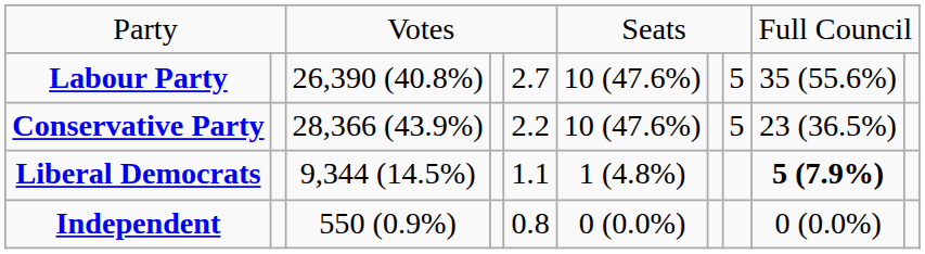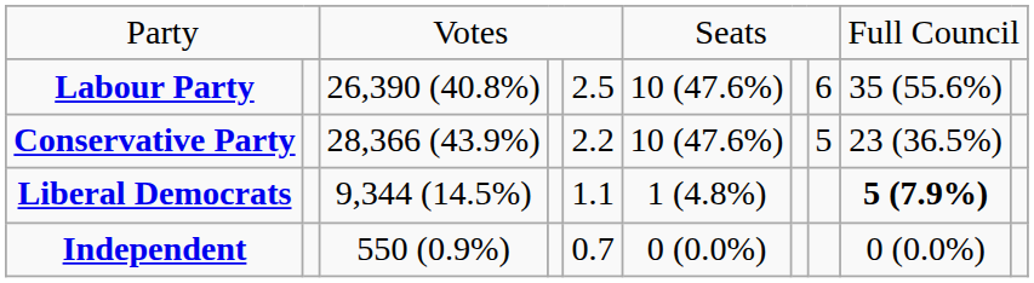 <table class=wikitable style="text-align:center;">
 <tr>
 <td colspan=2>Party</td>
 <td colspan=3>Votes</td>
 <td colspan=3>Seats</td>
 <td colspan=3>Full Council</td>
 </tr>
 <tr>
 <td><strong><a href='#'>Labour Party</a></strong></td>
 <td style="background:"></td>
 <td>26,390 (40.8%)</td>
 <td></td>
-<td> 2.7</td>
+<td> 2.5</td>
 <td>10 (47.6%)</td>
 <td></td>
-<td> 5</td>
+<td> 6</td>
 <td>35 (55.6%)</td>
 <td></td>
 </tr>
 <tr>
 <td><strong><a href='#'>Conservative Party</a></strong></td>
 <td style="background:"></td>
 <td>28,366 (43.9%)</td>
 <td></td>
 <td> 2.2</td>
 <td>10 (47.6%)</td>
 <td></td>
 <td> 5</td>
 <td>23 (36.5%)</td>
 <td></td>
 </tr>
 <tr>
 <td><strong><a href='#'>Liberal Democrats</a></strong></td>
 <td style="background:"></td>
 <td>9,344 (14.5%)</td>
 <td></td>
 <td> 1.1</td>
 <td>1 (4.8%)</td>
 <td></td>
 <td></td>
 <td><strong>5 (7.9%)</strong></td>
 <td></td>
 </tr>
 <tr>
 <td><strong><a href='#'>Independent</a></strong></td>
 <td style="background:"></td>
 <td>550 (0.9%)</td>
 <td></td>
-<td> 0.8</td>
+<td> 0.7</td>
 <td>0 (0.0%)</td>
 <td></td>
 <td></td>
 <td>0 (0.0%)</td>
 <td></td>
 </tr>
 </table>
